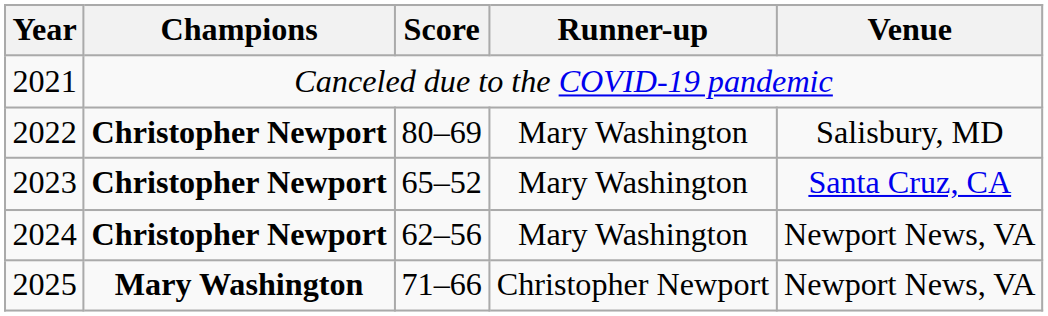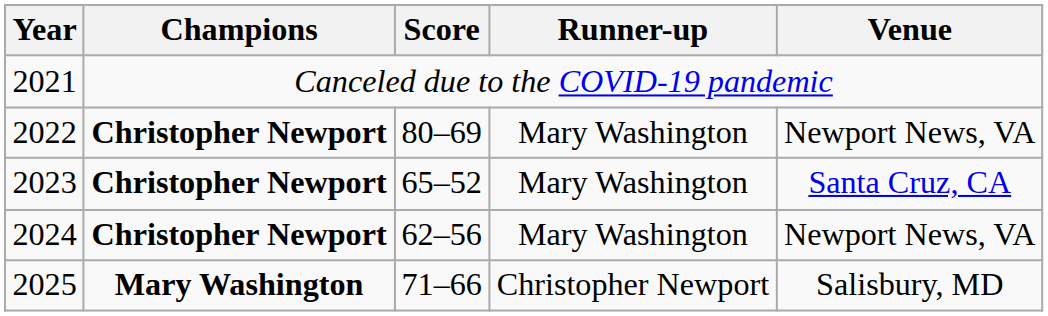 <table class="wikitable sortable">
 <tr>
 <th>Year</th>
 <th>Champions</th>
 <th>Score</th>
 <th>Runner-up</th>
 <th>Venue</th>
 </tr>
 <tr align=center>
 <td>2021</td>
 <td colspan=5><em>Canceled due to the <a href='#'>COVID-19 pandemic</a></td>
 </tr>
 <tr align=center>
 <td>2022</td>
 <td><strong>Christopher Newport</strong></td>
 <td>80–69</td>
 <td>Mary Washington</td>
-<td>Salisbury, MD</td>
+<td>Newport News, VA</td>
 </tr>
 <tr align=center>
 <td>2023</td>
 <td><strong>Christopher Newport</strong></td>
 <td>65–52</td>
 <td>Mary Washington</td>
 <td><a href='#'>Santa Cruz, CA</a></td>
 </tr>
 <tr align=center>
 <td>2024</td>
 <td><strong>Christopher Newport</strong></td>
 <td>62–56</td>
 <td>Mary Washington</td>
 <td>Newport News, VA</td>
 </tr>
 <tr align=center>
 <td>2025</td>
 <td><strong>Mary Washington</strong></td>
 <td>71–66</td>
 <td>Christopher Newport</td>
-<td>Newport News, VA</td>
+<td>Salisbury, MD</td>
 </tr>
 </table>
